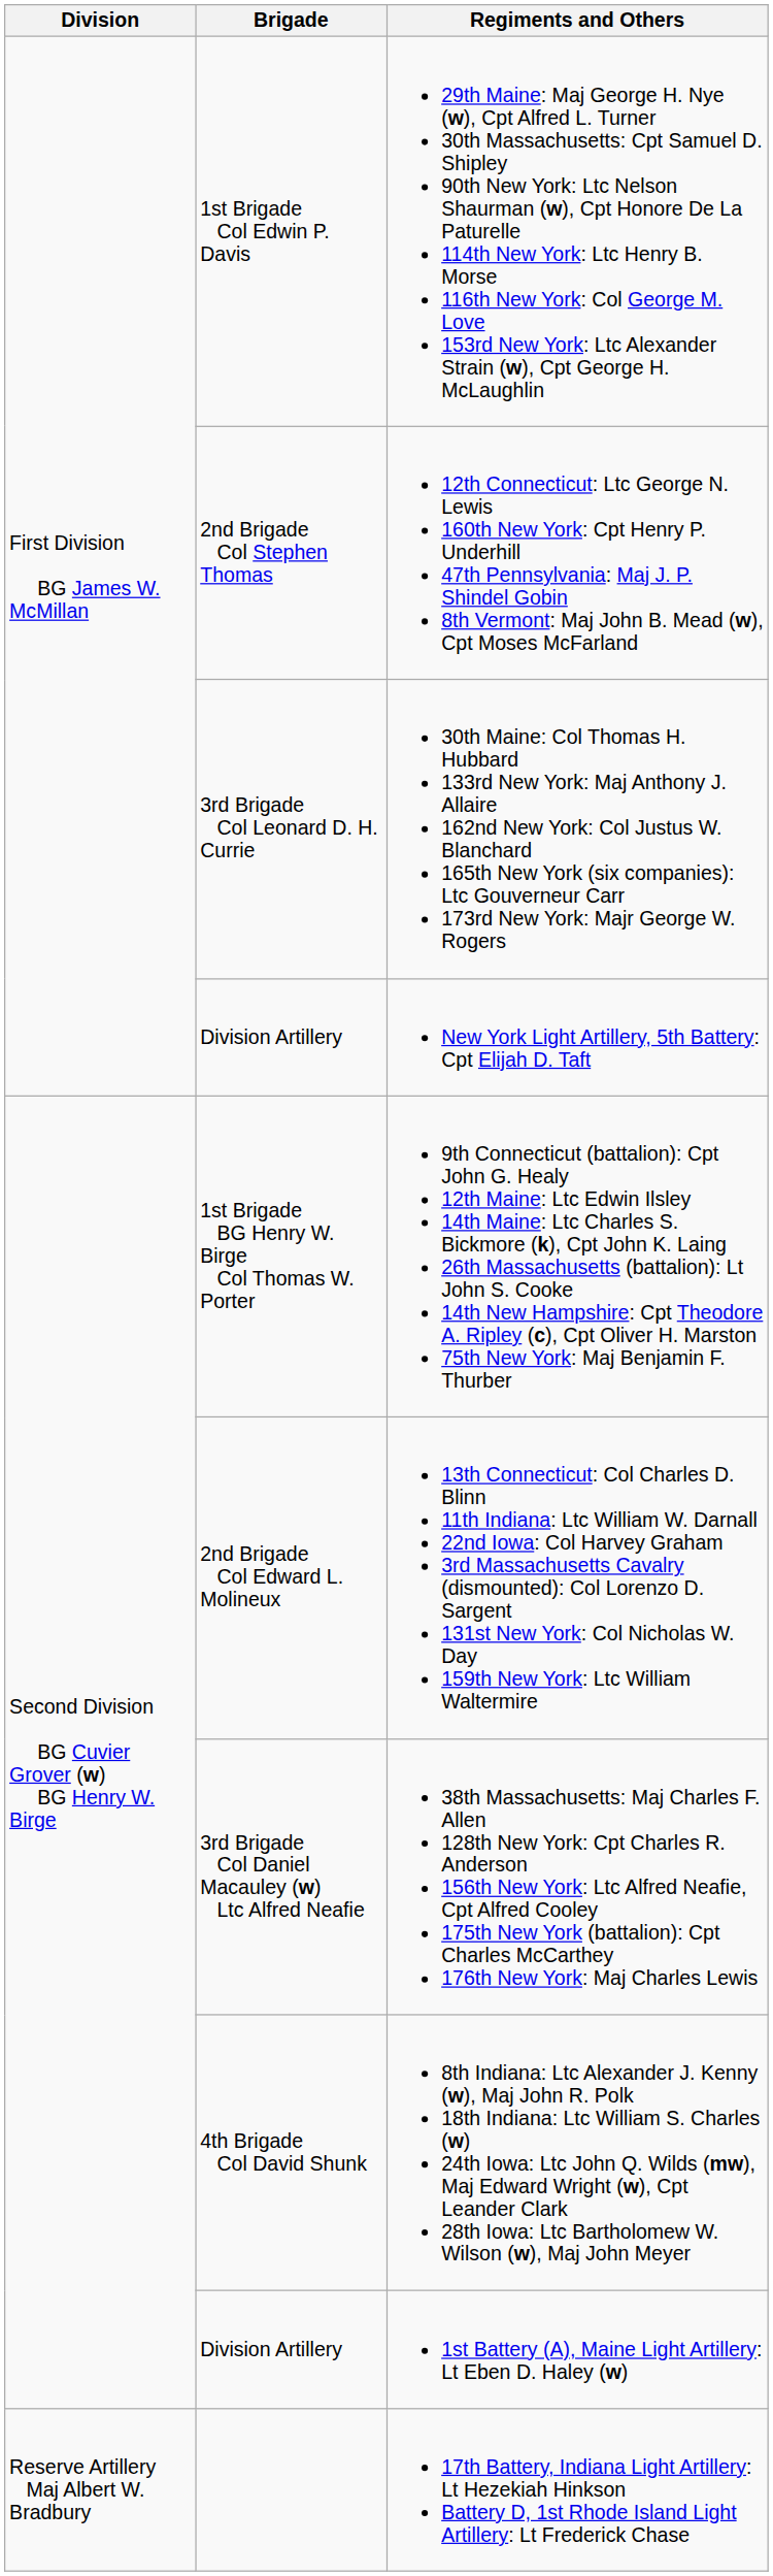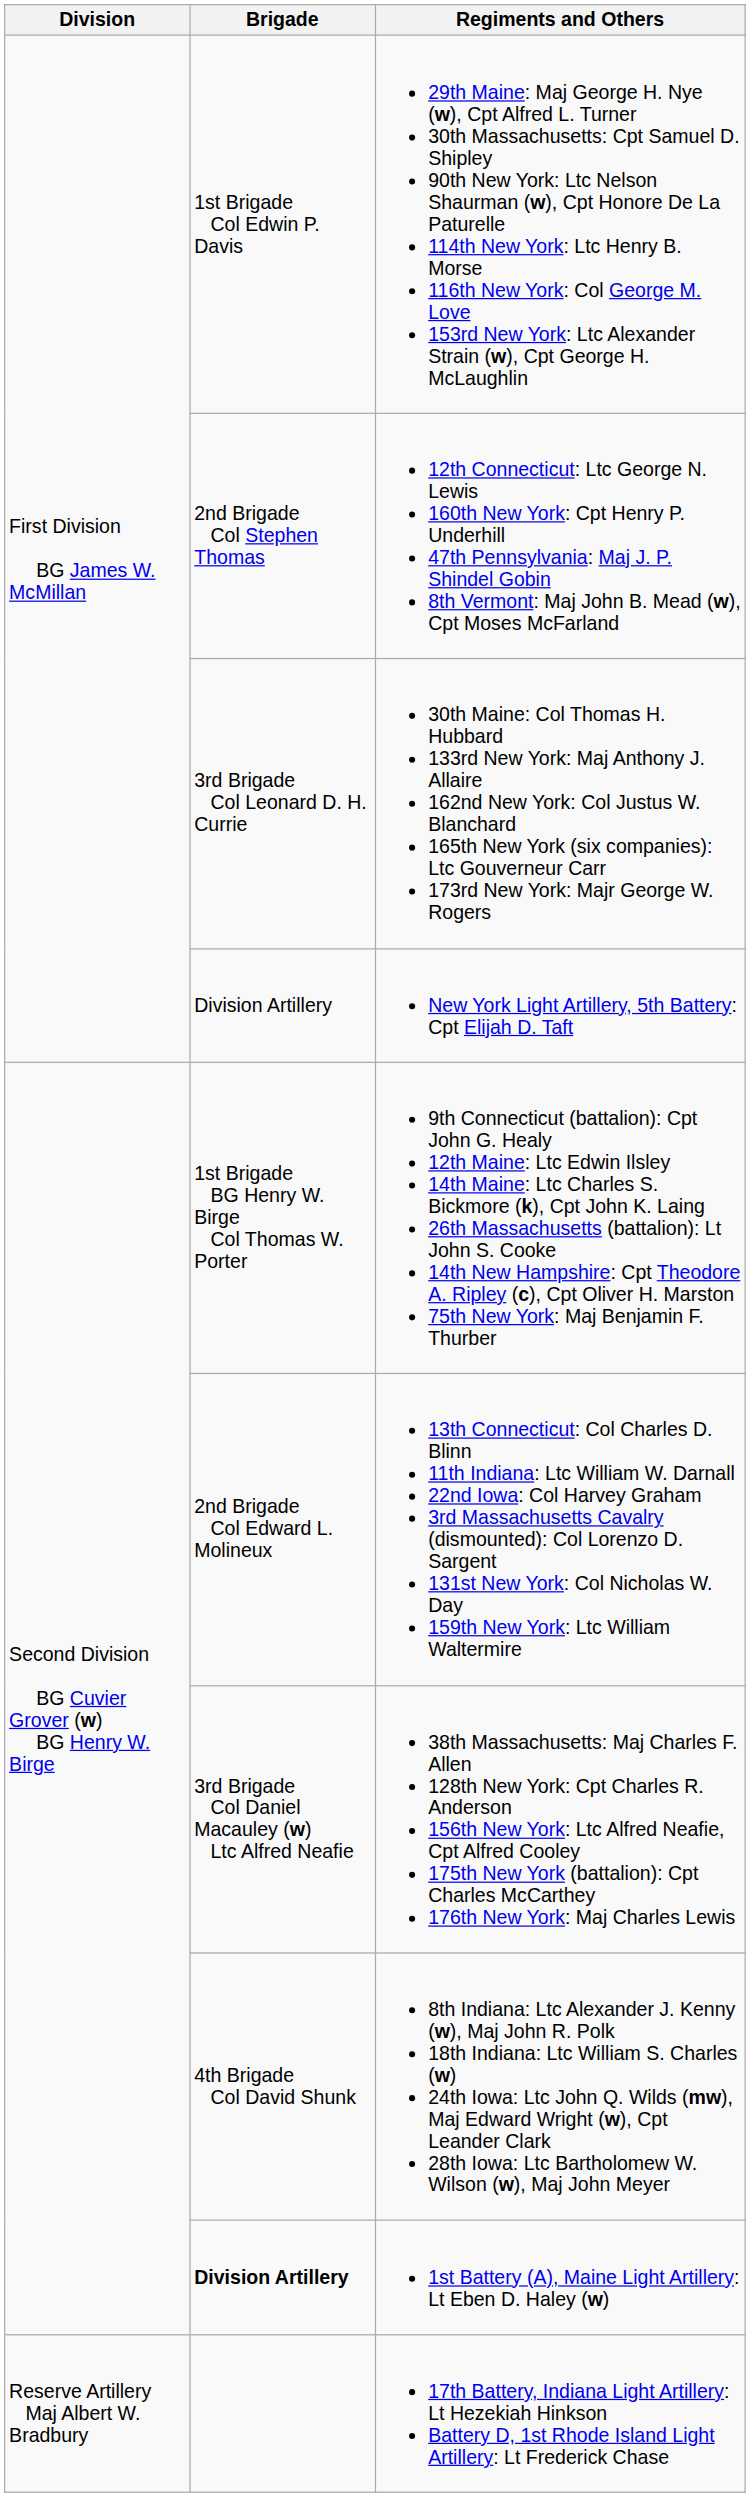 <table class="wikitable">
 <tr>
 <th width=25%>Division</th>
 <th width=25%>Brigade</th>
 <th>Regiments and Others</th>
 </tr>
 <tr>
 <td rowspan=4><br>First Division<br><br>     BG <a href='#'>James W. McMillan</a></td>
 <td>1st Brigade<br>   Col Edwin P. Davis</td>
 <td><br><ul><li><a href='#'>29th Maine</a>: Maj George H. Nye (<strong>w</strong>), Cpt Alfred L. Turner</li><li>30th Massachusetts: Cpt Samuel D. Shipley</li><li>90th New York: Ltc Nelson Shaurman (<strong>w</strong>), Cpt Honore De La Paturelle</li><li><a href='#'>114th New York</a>: Ltc Henry B. Morse</li><li><a href='#'>116th New York</a>: Col <a href='#'>George M. Love</a></li><li><a href='#'>153rd New York</a>: Ltc Alexander Strain (<strong>w</strong>), Cpt George H. McLaughlin</li></ul></td>
 </tr>
 <tr>
 <td>2nd Brigade<br>   Col <a href='#'>Stephen Thomas</a></td>
 <td><br><ul><li><a href='#'>12th Connecticut</a>: Ltc George N. Lewis</li><li><a href='#'>160th New York</a>: Cpt Henry P. Underhill</li><li><a href='#'>47th Pennsylvania</a>: <a href='#'>Maj J. P. Shindel Gobin</a></li><li><a href='#'>8th Vermont</a>: Maj John B. Mead (<strong>w</strong>), Cpt Moses McFarland</li></ul></td>
 </tr>
 <tr>
 <td>3rd Brigade<br>   Col Leonard D. H. Currie</td>
 <td><br><ul><li>30th Maine: Col Thomas H. Hubbard</li><li>133rd New York: Maj Anthony J. Allaire</li><li>162nd New York: Col Justus W. Blanchard</li><li>165th New York (six companies): Ltc Gouverneur Carr</li><li>173rd New York: Majr George W. Rogers</li></ul></td>
 </tr>
 <tr>
 <td>Division Artillery</td>
 <td><br><ul><li><a href='#'>New York Light Artillery, 5th Battery</a>: Cpt <a href='#'>Elijah D. Taft</a></li></ul></td>
 </tr>
 <tr>
 <td rowspan=5><br>Second Division<br><br>     BG <a href='#'>Cuvier Grover</a> (<strong>w</strong>) <br>     BG <a href='#'>Henry W. Birge</a></td>
 <td>1st Brigade<br>   BG Henry W. Birge <br>   Col Thomas W. Porter</td>
 <td><br><ul><li>9th Connecticut (battalion): Cpt John G. Healy</li><li><a href='#'>12th Maine</a>: Ltc Edwin Ilsley</li><li><a href='#'>14th Maine</a>: Ltc Charles S. Bickmore (<strong>k</strong>), Cpt John K. Laing</li><li><a href='#'>26th Massachusetts</a> (battalion): Lt John S. Cooke</li><li><a href='#'>14th New Hampshire</a>: Cpt <a href='#'>Theodore A. Ripley</a> (<strong>c</strong>), Cpt Oliver H. Marston</li><li><a href='#'>75th New York</a>: Maj Benjamin F. Thurber</li></ul></td>
 </tr>
 <tr>
 <td>2nd Brigade<br>   Col Edward L. Molineux</td>
 <td><br><ul><li><a href='#'>13th Connecticut</a>: Col Charles D. Blinn</li><li><a href='#'>11th Indiana</a>: Ltc William W. Darnall</li><li><a href='#'>22nd Iowa</a>: Col Harvey Graham</li><li><a href='#'>3rd Massachusetts Cavalry</a> (dismounted): Col Lorenzo D. Sargent</li><li><a href='#'>131st New York</a>: Col Nicholas W. Day</li><li><a href='#'>159th New York</a>: Ltc William Waltermire</li></ul></td>
 </tr>
 <tr>
 <td>3rd Brigade<br>   Col Daniel Macauley (<strong>w</strong>) <br>   Ltc Alfred Neafie</td>
 <td><br><ul><li>38th Massachusetts: Maj Charles F. Allen</li><li>128th New York: Cpt Charles R. Anderson</li><li><a href='#'>156th New York</a>: Ltc Alfred Neafie, Cpt Alfred Cooley</li><li><a href='#'>175th New York</a> (battalion): Cpt Charles McCarthey</li><li><a href='#'>176th New York</a>: Maj Charles Lewis</li></ul></td>
 </tr>
 <tr>
 <td>4th Brigade<br>   Col David Shunk</td>
 <td><br><ul><li>8th Indiana: Ltc Alexander J. Kenny (<strong>w</strong>), Maj John R. Polk</li><li>18th Indiana: Ltc William S. Charles (<strong>w</strong>)</li><li>24th Iowa: Ltc John Q. Wilds (<strong>mw</strong>), Maj Edward Wright (<strong>w</strong>), Cpt Leander Clark</li><li>28th Iowa: Ltc Bartholomew W. Wilson (<strong>w</strong>), Maj John Meyer</li></ul></td>
 </tr>
 <tr>
-<td>Division Artillery</td>
+<td><strong>Division Artillery</strong></td>
 <td><br><ul><li><a href='#'>1st Battery (A), Maine Light Artillery</a>: Lt Eben D. Haley (<strong>w</strong>)</li></ul></td>
 </tr>
 <tr>
 <td>Reserve Artillery<br>   Maj Albert W. Bradbury</td>
 <td></td>
 <td><br><ul><li><a href='#'>17th Battery, Indiana Light Artillery</a>: Lt Hezekiah Hinkson</li><li><a href='#'>Battery D, 1st Rhode Island Light Artillery</a>: Lt Frederick Chase</li></ul></td>
 </tr>
 </table>
